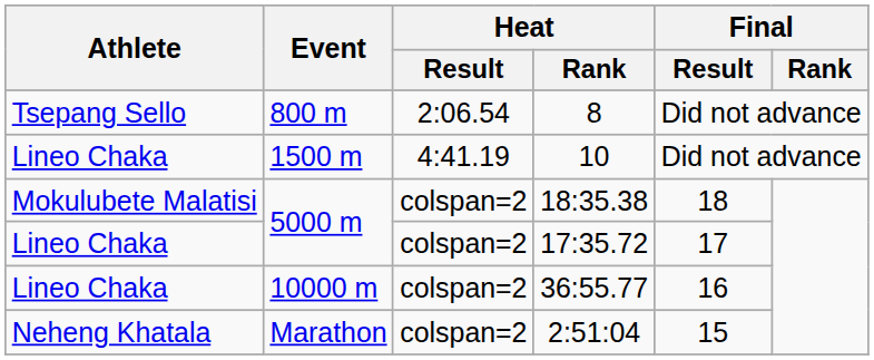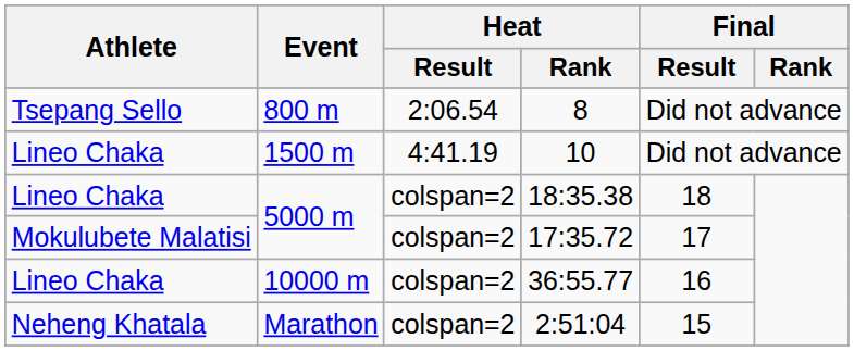 <table class="wikitable" style="font-size:90%">
 <tr>
 <th rowspan=2>Athlete</th>
 <th rowspan=2>Event</th>
 <th colspan=2>Heat</th>
 <th colspan=2>Final</th>
 </tr>
 <tr style="font-size:95%">
 <th>Result</th>
 <th>Rank</th>
 <th>Result</th>
 <th>Rank</th>
 </tr>
 <tr align=center>
 <td align=left><a href='#'>Tsepang Sello</a></td>
 <td align=left><a href='#'>800 m</a></td>
 <td>2:06.54</td>
 <td>8</td>
 <td colspan=2>Did not advance</td>
 </tr>
 <tr align=center>
 <td align=left><a href='#'>Lineo Chaka</a></td>
 <td align=left><a href='#'>1500 m</a></td>
 <td>4:41.19</td>
 <td>10</td>
 <td colspan=2>Did not advance</td>
 </tr>
 <tr align=center>
-<td align=left><a href='#'>Mokulubete Malatisi</a></td>
+<td align=left><a href='#'>Lineo Chaka</a></td>
 <td align=left rowspan=2><a href='#'>5000 m</a></td>
 <td>colspan=2</td>
 <td>18:35.38</td>
 <td>18</td>
 </tr>
 <tr align=center>
-<td align=left><a href='#'>Lineo Chaka</a></td>
+<td align=left><a href='#'>Mokulubete Malatisi</a></td>
 <td>colspan=2</td>
 <td>17:35.72</td>
 <td>17</td>
 </tr>
 <tr align=center>
 <td align=left><a href='#'>Lineo Chaka</a></td>
 <td align=left><a href='#'>10000 m</a></td>
 <td>colspan=2</td>
 <td>36:55.77</td>
 <td>16</td>
 </tr>
 <tr align=center>
 <td align=left><a href='#'>Neheng Khatala</a></td>
 <td align=left><a href='#'>Marathon</a></td>
 <td>colspan=2</td>
 <td>2:51:04</td>
 <td>15</td>
 </tr>
 </table>
